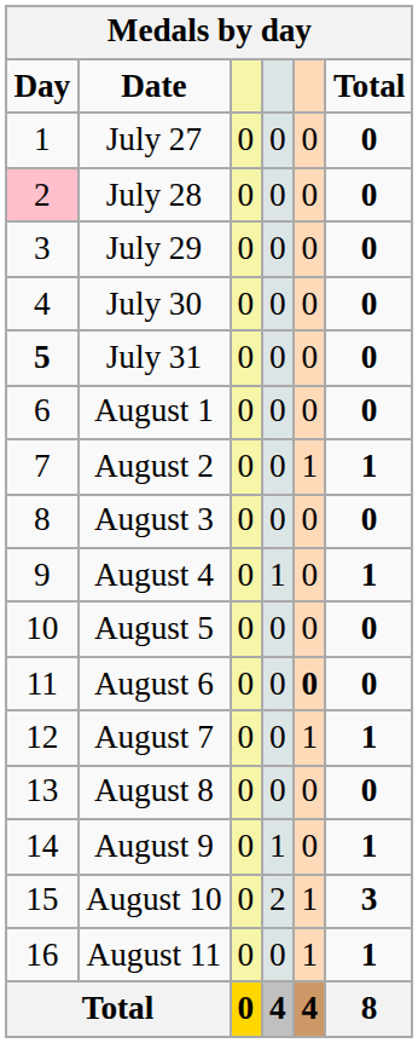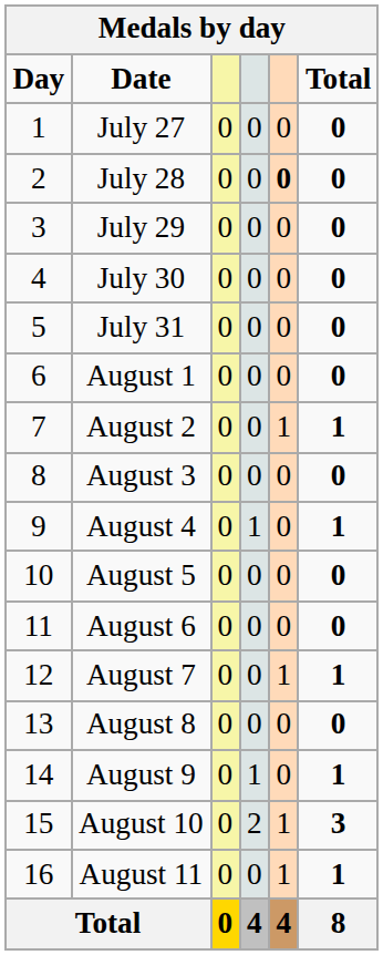 <table class=wikitable style="font-size:85%; float:right;text-align:center">
 <tr>
 <th colspan=7>Medals by day</th>
 </tr>
 <tr>
 <td><strong>Day</strong></td>
 <td><strong>Date</strong></td>
 <td bgcolor=F7F6A8></td>
 <td bgcolor=DCE5E5></td>
 <td bgcolor=FFDAB9></td>
 <td><strong>Total</strong></td>
 </tr>
 <tr>
 <td>1</td>
 <td>July 27</td>
 <td bgcolor=F7F6A8>0</td>
 <td bgcolor=DCE5E5>0</td>
 <td bgcolor=FFDAB9>0</td>
 <td><strong>0</strong></td>
 </tr>
 <tr>
-<td style="background: pink;">2</td>
+<td>2</td>
 <td>July 28</td>
 <td bgcolor=F7F6A8>0</td>
 <td bgcolor=DCE5E5>0</td>
-<td bgcolor=FFDAB9>0</td>
+<td bgcolor=FFDAB9><strong>0</strong></td>
 <td><strong>0</strong></td>
 </tr>
 <tr>
 <td>3</td>
 <td>July 29</td>
 <td bgcolor=F7F6A8>0</td>
 <td bgcolor=DCE5E5>0</td>
 <td bgcolor=FFDAB9>0</td>
 <td><strong>0</strong></td>
 </tr>
 <tr>
 <td>4</td>
 <td>July 30</td>
 <td bgcolor=F7F6A8>0</td>
 <td bgcolor=DCE5E5>0</td>
 <td bgcolor=FFDAB9>0</td>
 <td><strong>0</strong></td>
 </tr>
 <tr>
-<td><strong>5</strong></td>
+<td>5</td>
 <td>July 31</td>
 <td bgcolor=F7F6A8>0</td>
 <td bgcolor=DCE5E5>0</td>
 <td bgcolor=FFDAB9>0</td>
 <td><strong>0</strong></td>
 </tr>
 <tr>
 <td>6</td>
 <td>August 1</td>
 <td bgcolor=F7F6A8>0</td>
 <td bgcolor=DCE5E5>0</td>
 <td bgcolor=FFDAB9>0</td>
 <td><strong>0</strong></td>
 </tr>
 <tr>
 <td>7</td>
 <td>August 2</td>
 <td bgcolor=F7F6A8>0</td>
 <td bgcolor=DCE5E5>0</td>
 <td bgcolor=FFDAB9>1</td>
 <td><strong>1</strong></td>
 </tr>
 <tr>
 <td>8</td>
 <td>August 3</td>
 <td bgcolor=F7F6A8>0</td>
 <td bgcolor=DCE5E5>0</td>
 <td bgcolor=FFDAB9>0</td>
 <td><strong>0</strong></td>
 </tr>
 <tr>
 <td>9</td>
 <td>August 4</td>
 <td bgcolor=F7F6A8>0</td>
 <td bgcolor=DCE5E5>1</td>
 <td bgcolor=FFDAB9>0</td>
 <td><strong>1</strong></td>
 </tr>
 <tr>
 <td>10</td>
 <td>August 5</td>
 <td bgcolor=F7F6A8>0</td>
 <td bgcolor=DCE5E5>0</td>
 <td bgcolor=FFDAB9>0</td>
 <td><strong>0</strong></td>
 </tr>
 <tr>
 <td>11</td>
 <td>August 6</td>
 <td bgcolor=F7F6A8>0</td>
 <td bgcolor=DCE5E5>0</td>
-<td bgcolor=FFDAB9><strong>0</strong></td>
+<td bgcolor=FFDAB9>0</td>
 <td><strong>0</strong></td>
 </tr>
 <tr>
 <td>12</td>
 <td>August 7</td>
 <td bgcolor=F7F6A8>0</td>
 <td bgcolor=DCE5E5>0</td>
 <td bgcolor=FFDAB9>1</td>
 <td><strong>1</strong></td>
 </tr>
 <tr>
 <td>13</td>
 <td>August 8</td>
 <td bgcolor=F7F6A8>0</td>
 <td bgcolor=DCE5E5>0</td>
 <td bgcolor=FFDAB9>0</td>
 <td><strong>0</strong></td>
 </tr>
 <tr>
 <td>14</td>
 <td>August 9</td>
 <td bgcolor=F7F6A8>0</td>
 <td bgcolor=DCE5E5>1</td>
 <td bgcolor=FFDAB9>0</td>
 <td><strong>1</strong></td>
 </tr>
 <tr>
 <td>15</td>
 <td>August 10</td>
 <td bgcolor=F7F6A8>0</td>
 <td bgcolor=DCE5E5>2</td>
 <td bgcolor=FFDAB9>1</td>
 <td><strong>3</strong></td>
 </tr>
 <tr>
 <td>16</td>
 <td>August 11</td>
 <td bgcolor=F7F6A8>0</td>
 <td bgcolor=DCE5E5>0</td>
 <td bgcolor=FFDAB9>1</td>
 <td><strong>1</strong></td>
 </tr>
 <tr>
 <th colspan=2>Total</th>
 <th style=background:gold>0</th>
 <th style=background:silver>4</th>
 <th style=background:#C96>4</th>
 <th>8</th>
 </tr>
 </table>
